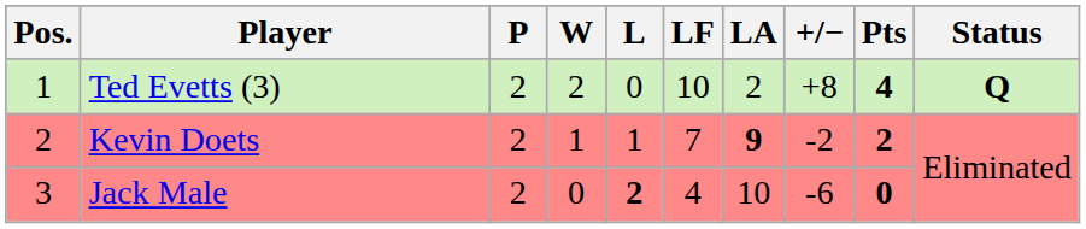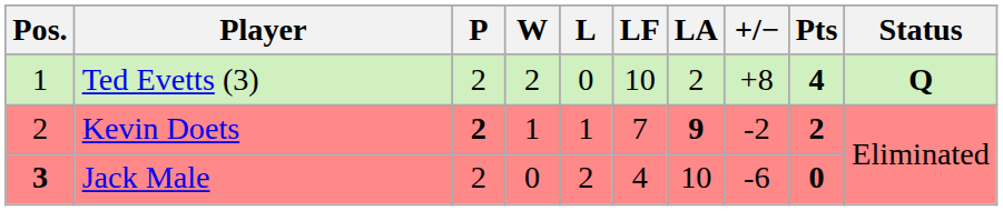 <table class="wikitable" style="text-align:center; margin: 1em auto 1em auto, align:left">
 <tr>
 <th width=20>Pos.</th>
 <th width=185>Player</th>
 <th width=20>P</th>
 <th width=20>W</th>
 <th width=20>L</th>
 <th width=20>LF</th>
 <th width=20>LA</th>
 <th width=25>+/−</th>
 <th width=20>Pts</th>
 <th width=70>Status</th>
 </tr>
 <tr style="background:#D0F0C0;">
 <td>1</td>
 <td align=left> <a href='#'>Ted Evetts</a> (3)</td>
 <td>2</td>
 <td>2</td>
 <td>0</td>
 <td>10</td>
 <td>2</td>
 <td>+8</td>
 <td><strong>4</strong></td>
 <td rowspan=1><strong>Q</strong></td>
 </tr>
 <tr style="background:#FF8888;">
 <td>2</td>
 <td align=left> <a href='#'>Kevin Doets</a></td>
-<td>2</td>
+<td><strong>2</strong></td>
 <td>1</td>
 <td>1</td>
 <td>7</td>
 <td><strong>9</strong></td>
 <td>-2</td>
 <td><strong>2</strong></td>
 <td rowspan=2>Eliminated</td>
 </tr>
 <tr style="background:#FF8888; ">
-<td>3</td>
+<td><strong>3</strong></td>
 <td align=left> <a href='#'>Jack Male</a></td>
 <td>2</td>
 <td>0</td>
-<td><strong>2</strong></td>
+<td>2</td>
 <td>4</td>
 <td>10</td>
 <td>-6</td>
 <td><strong>0</strong></td>
 </tr>
 </table>
